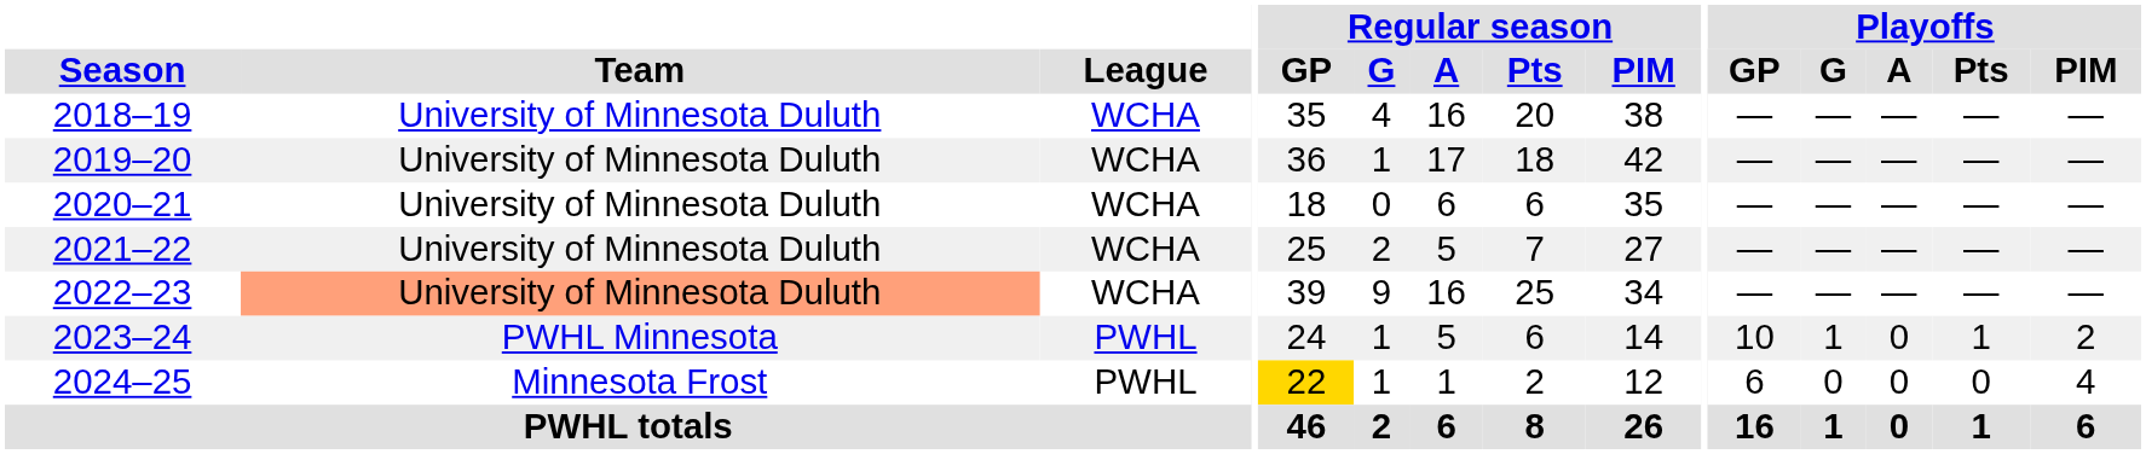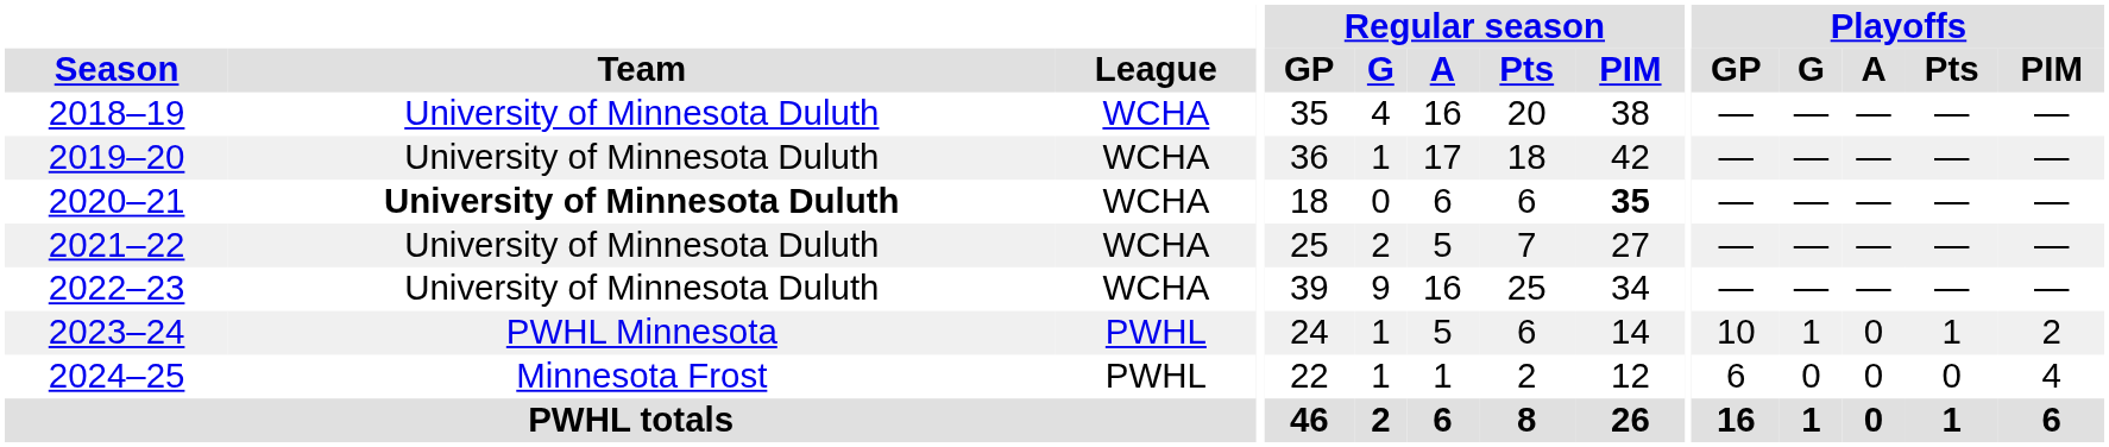 <table border="0" cellpadding="1" cellspacing="0" style="text-align:center; width:60em">
 <tr bgcolor="#e0e0e0">
 <th colspan="3" bgcolor="#ffffff"></th>
 <th rowspan="97" bgcolor="#ffffff"></th>
 <th colspan="5"><a href='#'>Regular season</a></th>
 <th rowspan="97" bgcolor="#ffffff"></th>
 <th colspan="5"><a href='#'>Playoffs</a></th>
 </tr>
 <tr bgcolor="#e0e0e0">
 <th><a href='#'>Season</a></th>
 <th>Team</th>
 <th>League</th>
 <th>GP</th>
 <th><a href='#'>G</a></th>
 <th><a href='#'>A</a></th>
 <th><a href='#'>Pts</a></th>
 <th><a href='#'>PIM</a></th>
 <th>GP</th>
 <th>G</th>
 <th>A</th>
 <th>Pts</th>
 <th>PIM</th>
 </tr>
 <tr>
 <td><a href='#'>2018–19</a></td>
 <td><a href='#'>University of Minnesota Duluth</a></td>
 <td><a href='#'>WCHA</a></td>
 <td>35</td>
 <td>4</td>
 <td>16</td>
 <td>20</td>
 <td>38</td>
 <td>—</td>
 <td>—</td>
 <td>—</td>
 <td>—</td>
 <td>—</td>
 </tr>
 <tr bgcolor="#f0f0f0">
 <td><a href='#'>2019–20</a></td>
 <td>University of Minnesota Duluth</td>
 <td>WCHA</td>
 <td>36</td>
 <td>1</td>
 <td>17</td>
 <td>18</td>
 <td>42</td>
 <td>—</td>
 <td>—</td>
 <td>—</td>
 <td>—</td>
 <td>—</td>
 </tr>
 <tr>
 <td><a href='#'>2020–21</a></td>
-<td>University of Minnesota Duluth</td>
+<td><strong>University of Minnesota Duluth</strong></td>
 <td>WCHA</td>
 <td>18</td>
 <td>0</td>
 <td>6</td>
 <td>6</td>
-<td>35</td>
+<td><strong>35</strong></td>
 <td>—</td>
 <td>—</td>
 <td>—</td>
 <td>—</td>
 <td>—</td>
 </tr>
 <tr bgcolor="#f0f0f0">
 <td><a href='#'>2021–22</a></td>
 <td>University of Minnesota Duluth</td>
 <td>WCHA</td>
 <td>25</td>
 <td>2</td>
 <td>5</td>
 <td>7</td>
 <td>27</td>
 <td>—</td>
 <td>—</td>
 <td>—</td>
 <td>—</td>
 <td>—</td>
 </tr>
 <tr>
 <td><a href='#'>2022–23</a></td>
-<td style="background: lightsalmon;">University of Minnesota Duluth</td>
+<td>University of Minnesota Duluth</td>
 <td>WCHA</td>
 <td>39</td>
 <td>9</td>
 <td>16</td>
 <td>25</td>
 <td>34</td>
 <td>—</td>
 <td>—</td>
 <td>—</td>
 <td>—</td>
 <td>—</td>
 </tr>
 <tr bgcolor="#f0f0f0">
 <td><a href='#'>2023–24</a></td>
 <td><a href='#'>PWHL Minnesota</a></td>
 <td><a href='#'>PWHL</a></td>
 <td>24</td>
 <td>1</td>
 <td>5</td>
 <td>6</td>
 <td>14</td>
 <td>10</td>
 <td>1</td>
 <td>0</td>
 <td>1</td>
 <td>2</td>
 </tr>
 <tr>
 <td><a href='#'>2024–25</a></td>
 <td><a href='#'>Minnesota Frost</a></td>
 <td>PWHL</td>
-<td style="background: gold;">22</td>
+<td>22</td>
 <td>1</td>
 <td>1</td>
 <td>2</td>
 <td>12</td>
 <td>6</td>
 <td>0</td>
 <td>0</td>
 <td>0</td>
 <td>4</td>
 </tr>
 <tr bgcolor="#e0e0e0">
 <th colspan="3">PWHL totals</th>
 <th>46</th>
 <th>2</th>
 <th>6</th>
 <th>8</th>
 <th>26</th>
 <th>16</th>
 <th>1</th>
 <th>0</th>
 <th>1</th>
 <th>6</th>
 </tr>
 </table>
